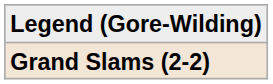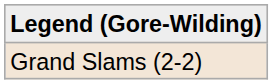 <table class="wikitable"  style="font-size:89%;">
 <tr bgcolor="#eeeeee">
 <td><strong>Legend (Gore-Wilding)</strong></td>
 </tr>
 <tr bgcolor=#F3E6D7>
-<td><strong>Grand Slams (2-2)</strong></td>
+<td>Grand Slams (2-2)</td>
 </tr>
 </table>
